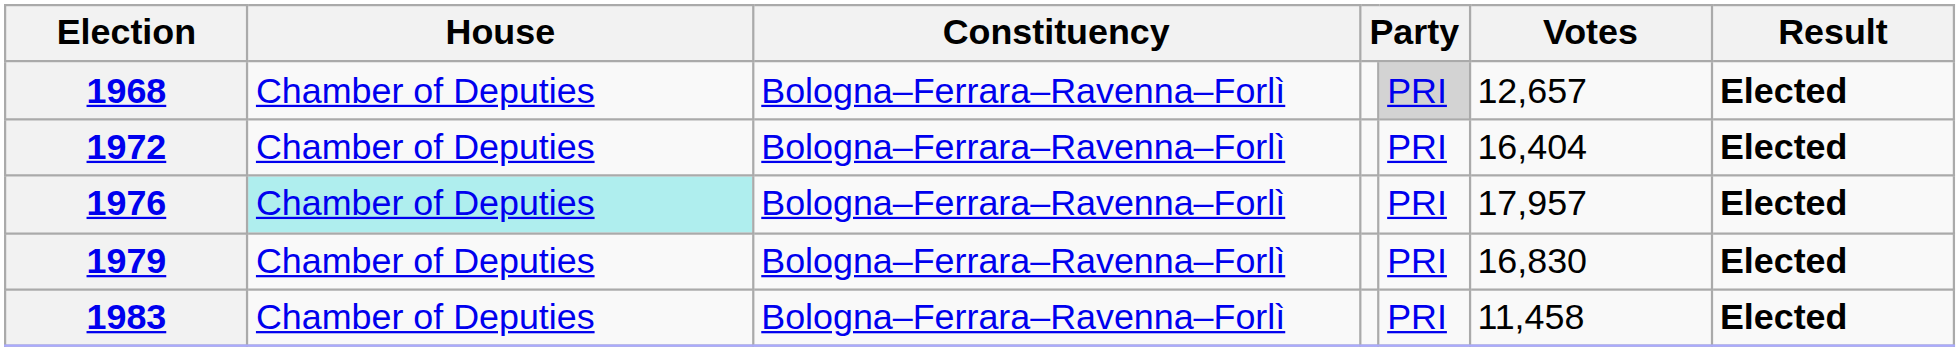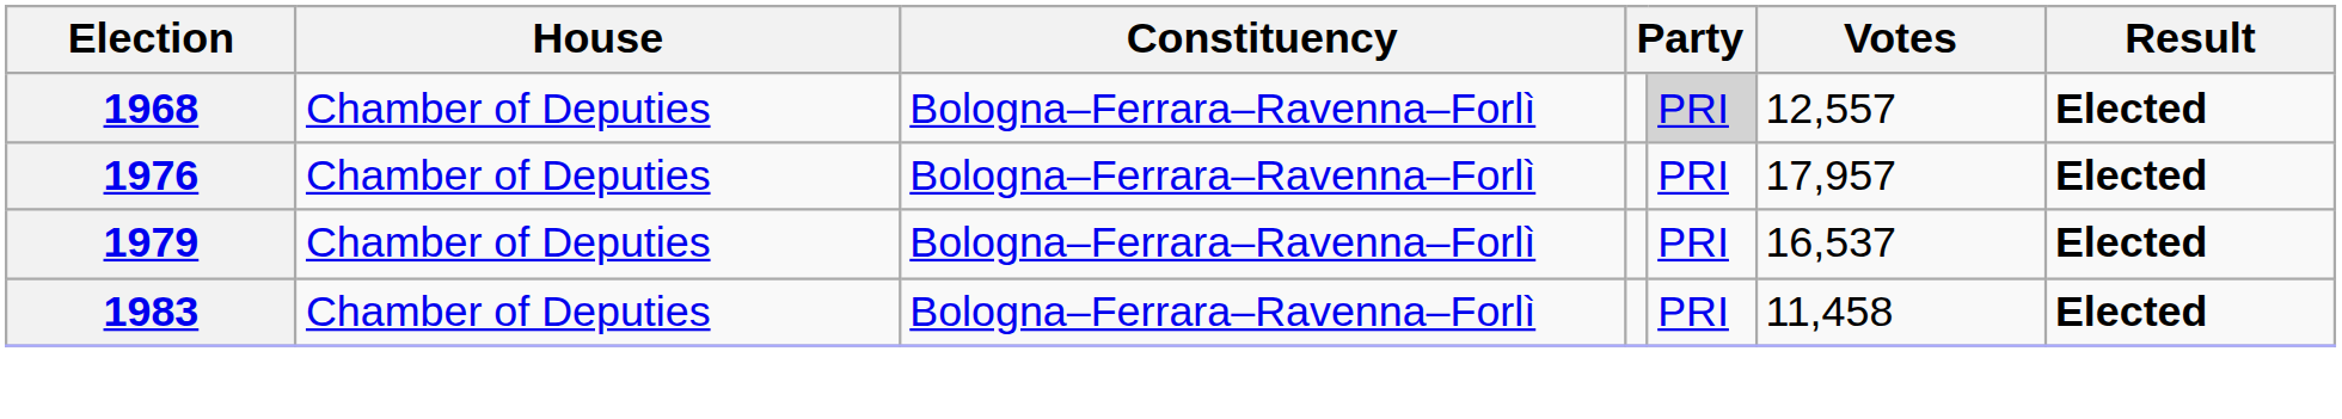 <table class=wikitable style="width:55%; border:1px #AAAAFF solid">
 <tr>
 <th width=12%>Election</th>
 <th width=25%>House</th>
 <th width=30%>Constituency</th>
 <th width=5% colspan="2">Party</th>
 <th width=12%>Votes</th>
 <th width=12%>Result</th>
 </tr>
 <tr>
 <th><a href='#'>1968</a></th>
 <td><a href='#'>Chamber of Deputies</a></td>
 <td><a href='#'>Bologna–Ferrara–Ravenna–Forlì</a></td>
 <td></td>
 <td style="background: lightgrey;"><a href='#'>PRI</a></td>
-<td>12,657</td>
-<td> <strong>Elected</strong></td>
-</tr>
-<tr>
-<th><a href='#'>1972</a></th>
-<td><a href='#'>Chamber of Deputies</a></td>
-<td><a href='#'>Bologna–Ferrara–Ravenna–Forlì</a></td>
-<td></td>
-<td><a href='#'>PRI</a></td>
-<td>16,404</td>
+<td>12,557</td>
 <td> <strong>Elected</strong></td>
 </tr>
 <tr>
 <th><a href='#'>1976</a></th>
-<td style="background: paleturquoise;"><a href='#'>Chamber of Deputies</a></td>
+<td><a href='#'>Chamber of Deputies</a></td>
 <td><a href='#'>Bologna–Ferrara–Ravenna–Forlì</a></td>
 <td></td>
 <td><a href='#'>PRI</a></td>
 <td>17,957</td>
 <td> <strong>Elected</strong></td>
 </tr>
 <tr>
 <th><a href='#'>1979</a></th>
 <td><a href='#'>Chamber of Deputies</a></td>
 <td><a href='#'>Bologna–Ferrara–Ravenna–Forlì</a></td>
 <td></td>
 <td><a href='#'>PRI</a></td>
-<td>16,830</td>
+<td>16,537</td>
 <td> <strong>Elected</strong></td>
 </tr>
 <tr>
 <th><a href='#'>1983</a></th>
 <td><a href='#'>Chamber of Deputies</a></td>
 <td><a href='#'>Bologna–Ferrara–Ravenna–Forlì</a></td>
 <td></td>
 <td><a href='#'>PRI</a></td>
 <td>11,458</td>
 <td> <strong>Elected</strong></td>
 </tr>
 <tr>
 </tr>
 </table>
